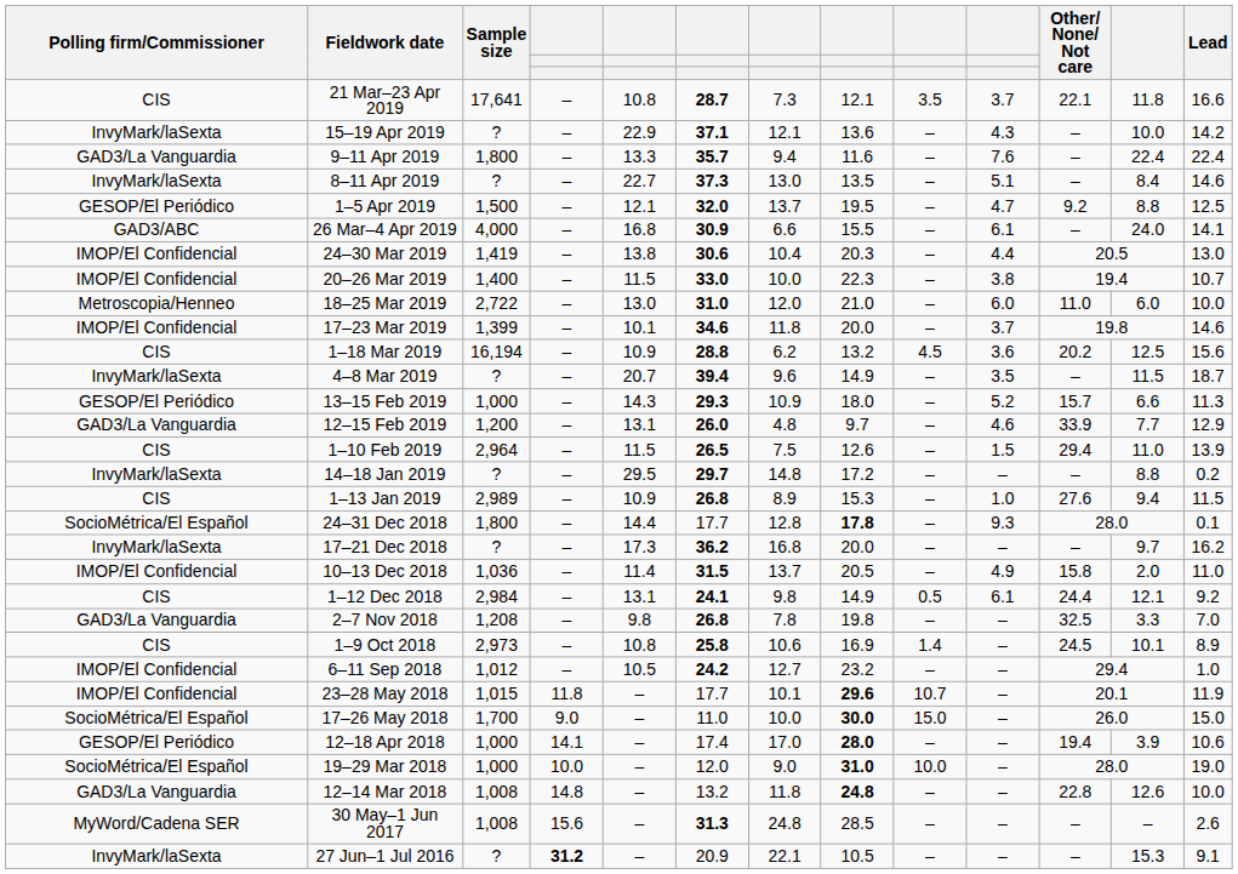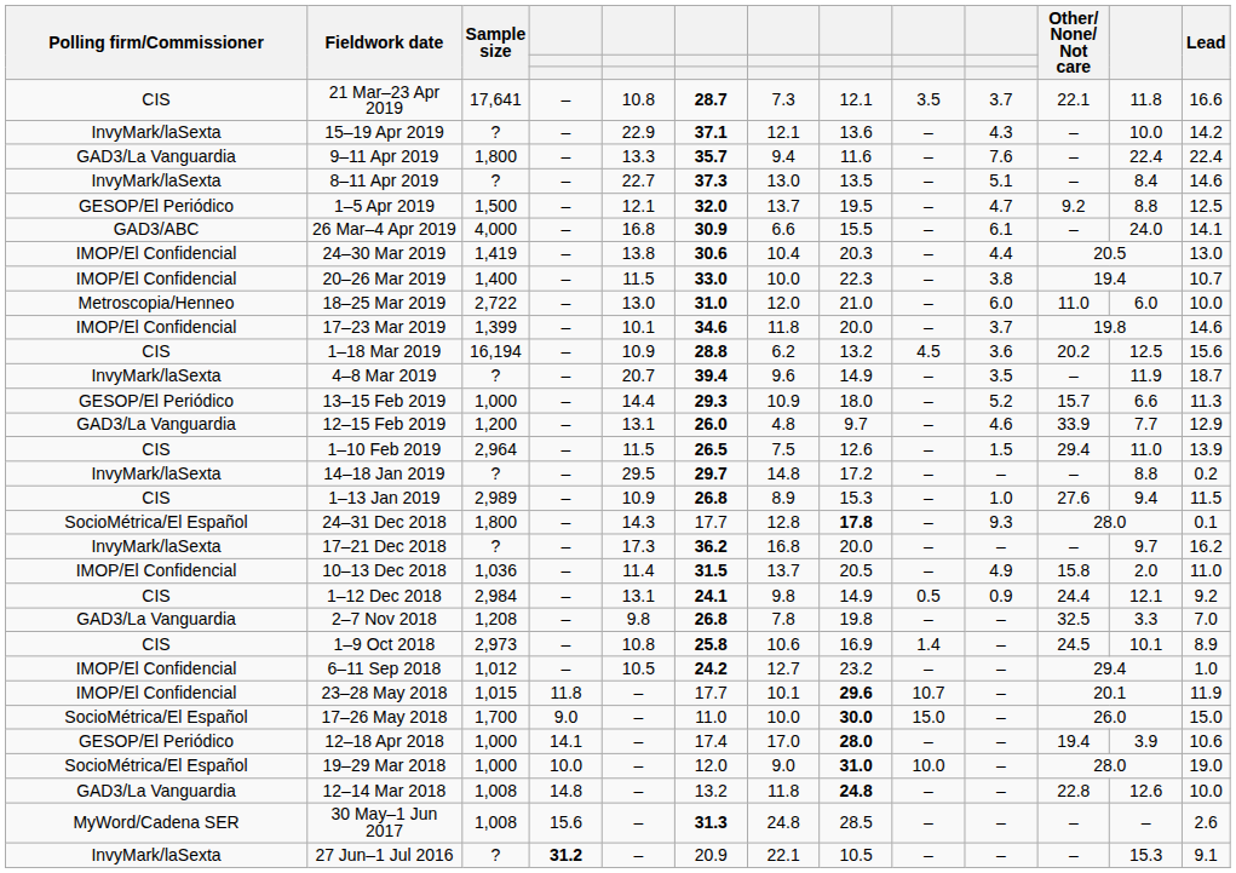 <table class="wikitable collapsible collapsed" style="text-align:center; font-size:90%; line-height:14px;">
 <tr style="height:42px;">
 <th style="width:250px;" rowspan="3">Polling firm/Commissioner</th>
 <th style="width:125px;" rowspan="3">Fieldwork date</th>
 <th style="width:50px;" rowspan="3">Sample size</th>
 <th style="width:55px;"></th>
 <th style="width:55px;"></th>
 <th style="width:55px;"></th>
 <th style="width:55px;"></th>
 <th style="width:55px;"></th>
 <th style="width:55px;"></th>
 <th style="width:55px;"></th>
 <th style="width:55px;" rowspan="3">Other/<br>None/<br>Not<br>care</th>
 <th style="width:55px;" rowspan="3"></th>
 <th style="width:30px;" rowspan="3">Lead</th>
 </tr>
 <tr>
 <th style="color:inherit;background:"></th>
 <th style="color:inherit;background:"></th>
 <th style="color:inherit;background:"></th>
 <th style="color:inherit;background:"></th>
 <th style="color:inherit;background:"></th>
 <th style="color:inherit;background:"></th>
 <th style="color:inherit;background:"></th>
 </tr>
 <tr>
 <th></th>
 <th></th>
 <th></th>
 <th></th>
 <th></th>
 <th></th>
 <th></th>
 </tr>
 <tr>
 <td>CIS</td>
 <td>21 Mar–23 Apr 2019</td>
 <td>17,641</td>
 <td>–</td>
 <td>10.8</td>
 <td><strong>28.7</strong></td>
 <td>7.3</td>
 <td>12.1</td>
 <td>3.5</td>
 <td>3.7</td>
 <td>22.1</td>
 <td>11.8</td>
 <td style="background:">16.6</td>
 </tr>
 <tr>
 <td>InvyMark/laSexta</td>
 <td>15–19 Apr 2019</td>
 <td>?</td>
 <td>–</td>
 <td>22.9</td>
 <td><strong>37.1</strong></td>
 <td>12.1</td>
 <td>13.6</td>
 <td>–</td>
 <td>4.3</td>
 <td>–</td>
 <td>10.0</td>
 <td style="background:">14.2</td>
 </tr>
 <tr>
 <td>GAD3/La Vanguardia</td>
 <td>9–11 Apr 2019</td>
 <td>1,800</td>
 <td>–</td>
 <td>13.3</td>
 <td><strong>35.7</strong></td>
 <td>9.4</td>
 <td>11.6</td>
 <td>–</td>
 <td>7.6</td>
 <td>–</td>
 <td>22.4</td>
 <td style="background:">22.4</td>
 </tr>
 <tr>
 <td>InvyMark/laSexta</td>
 <td>8–11 Apr 2019</td>
 <td>?</td>
 <td>–</td>
 <td>22.7</td>
 <td><strong>37.3</strong></td>
 <td>13.0</td>
 <td>13.5</td>
 <td>–</td>
 <td>5.1</td>
 <td>–</td>
 <td>8.4</td>
 <td style="background:">14.6</td>
 </tr>
 <tr>
 <td>GESOP/El Periódico</td>
 <td>1–5 Apr 2019</td>
 <td>1,500</td>
 <td>–</td>
 <td>12.1</td>
 <td><strong>32.0</strong></td>
 <td>13.7</td>
 <td>19.5</td>
 <td>–</td>
 <td>4.7</td>
 <td>9.2</td>
 <td>8.8</td>
 <td style="background:">12.5</td>
 </tr>
 <tr>
 <td>GAD3/ABC</td>
 <td>26 Mar–4 Apr 2019</td>
 <td>4,000</td>
 <td>–</td>
 <td>16.8</td>
 <td><strong>30.9</strong></td>
 <td>6.6</td>
 <td>15.5</td>
 <td>–</td>
 <td>6.1</td>
 <td>–</td>
 <td>24.0</td>
 <td style="background:">14.1</td>
 </tr>
 <tr>
 <td>IMOP/El Confidencial</td>
 <td>24–30 Mar 2019</td>
 <td>1,419</td>
 <td>–</td>
 <td>13.8</td>
 <td><strong>30.6</strong></td>
 <td>10.4</td>
 <td>20.3</td>
 <td>–</td>
 <td>4.4</td>
 <td colspan="2">20.5</td>
 <td style="background:">13.0</td>
 </tr>
 <tr>
 <td>IMOP/El Confidencial</td>
 <td>20–26 Mar 2019</td>
 <td>1,400</td>
 <td>–</td>
 <td>11.5</td>
 <td><strong>33.0</strong></td>
 <td>10.0</td>
 <td>22.3</td>
 <td>–</td>
 <td>3.8</td>
 <td colspan="2">19.4</td>
 <td style="background:">10.7</td>
 </tr>
 <tr>
 <td>Metroscopia/Henneo</td>
 <td>18–25 Mar 2019</td>
 <td>2,722</td>
 <td>–</td>
 <td>13.0</td>
 <td><strong>31.0</strong></td>
 <td>12.0</td>
 <td>21.0</td>
 <td>–</td>
 <td>6.0</td>
 <td>11.0</td>
 <td>6.0</td>
 <td style="background:">10.0</td>
 </tr>
 <tr>
 <td>IMOP/El Confidencial</td>
 <td>17–23 Mar 2019</td>
 <td>1,399</td>
 <td>–</td>
 <td>10.1</td>
 <td><strong>34.6</strong></td>
 <td>11.8</td>
 <td>20.0</td>
 <td>–</td>
 <td>3.7</td>
 <td colspan="2">19.8</td>
 <td style="background:">14.6</td>
 </tr>
 <tr>
 <td>CIS</td>
 <td>1–18 Mar 2019</td>
 <td>16,194</td>
 <td>–</td>
 <td>10.9</td>
 <td><strong>28.8</strong></td>
 <td>6.2</td>
 <td>13.2</td>
 <td>4.5</td>
 <td>3.6</td>
 <td>20.2</td>
 <td>12.5</td>
 <td style="background:">15.6</td>
 </tr>
 <tr>
 <td>InvyMark/laSexta</td>
 <td>4–8 Mar 2019</td>
 <td>?</td>
 <td>–</td>
 <td>20.7</td>
 <td><strong>39.4</strong></td>
 <td>9.6</td>
 <td>14.9</td>
 <td>–</td>
 <td>3.5</td>
 <td>–</td>
-<td>11.5</td>
+<td>11.9</td>
 <td style="background:">18.7</td>
 </tr>
 <tr>
 <td>GESOP/El Periódico</td>
 <td>13–15 Feb 2019</td>
 <td>1,000</td>
 <td>–</td>
-<td>14.3</td>
+<td>14.4</td>
 <td><strong>29.3</strong></td>
 <td>10.9</td>
 <td>18.0</td>
 <td>–</td>
 <td>5.2</td>
 <td>15.7</td>
 <td>6.6</td>
 <td style="background:">11.3</td>
 </tr>
 <tr>
 <td>GAD3/La Vanguardia</td>
 <td>12–15 Feb 2019</td>
 <td>1,200</td>
 <td>–</td>
 <td>13.1</td>
 <td><strong>26.0</strong></td>
 <td>4.8</td>
 <td>9.7</td>
 <td>–</td>
 <td>4.6</td>
 <td>33.9</td>
 <td>7.7</td>
 <td style="background:">12.9</td>
 </tr>
 <tr>
 <td>CIS</td>
 <td>1–10 Feb 2019</td>
 <td>2,964</td>
 <td>–</td>
 <td>11.5</td>
 <td><strong>26.5</strong></td>
 <td>7.5</td>
 <td>12.6</td>
 <td>–</td>
 <td>1.5</td>
 <td>29.4</td>
 <td>11.0</td>
 <td style="background:">13.9</td>
 </tr>
 <tr>
 <td>InvyMark/laSexta</td>
 <td>14–18 Jan 2019</td>
 <td>?</td>
 <td>–</td>
 <td>29.5</td>
 <td><strong>29.7</strong></td>
 <td>14.8</td>
 <td>17.2</td>
 <td>–</td>
 <td>–</td>
 <td>–</td>
 <td>8.8</td>
 <td style="background:">0.2</td>
 </tr>
 <tr>
 <td>CIS</td>
 <td>1–13 Jan 2019</td>
 <td>2,989</td>
 <td>–</td>
 <td>10.9</td>
 <td><strong>26.8</strong></td>
 <td>8.9</td>
 <td>15.3</td>
 <td>–</td>
 <td>1.0</td>
 <td>27.6</td>
 <td>9.4</td>
 <td style="background:">11.5</td>
 </tr>
 <tr>
 <td>SocioMétrica/El Español</td>
 <td>24–31 Dec 2018</td>
 <td>1,800</td>
 <td>–</td>
-<td>14.4</td>
+<td>14.3</td>
 <td>17.7</td>
 <td>12.8</td>
 <td><strong>17.8</strong></td>
 <td>–</td>
 <td>9.3</td>
 <td colspan="2">28.0</td>
 <td style="background:">0.1</td>
 </tr>
 <tr>
 <td>InvyMark/laSexta</td>
 <td>17–21 Dec 2018</td>
 <td>?</td>
 <td>–</td>
 <td>17.3</td>
 <td><strong>36.2</strong></td>
 <td>16.8</td>
 <td>20.0</td>
 <td>–</td>
 <td>–</td>
 <td>–</td>
 <td>9.7</td>
 <td style="background:">16.2</td>
 </tr>
 <tr>
 <td>IMOP/El Confidencial</td>
 <td>10–13 Dec 2018</td>
 <td>1,036</td>
 <td>–</td>
 <td>11.4</td>
 <td><strong>31.5</strong></td>
 <td>13.7</td>
 <td>20.5</td>
 <td>–</td>
 <td>4.9</td>
 <td>15.8</td>
 <td>2.0</td>
 <td style="background:">11.0</td>
 </tr>
 <tr>
 <td>CIS</td>
 <td>1–12 Dec 2018</td>
 <td>2,984</td>
 <td>–</td>
 <td>13.1</td>
 <td><strong>24.1</strong></td>
 <td>9.8</td>
 <td>14.9</td>
 <td>0.5</td>
-<td>6.1</td>
+<td>0.9</td>
 <td>24.4</td>
 <td>12.1</td>
 <td style="background:">9.2</td>
 </tr>
 <tr>
 <td>GAD3/La Vanguardia</td>
 <td>2–7 Nov 2018</td>
 <td>1,208</td>
 <td>–</td>
 <td>9.8</td>
 <td><strong>26.8</strong></td>
 <td>7.8</td>
 <td>19.8</td>
 <td>–</td>
 <td>–</td>
 <td>32.5</td>
 <td>3.3</td>
 <td style="background:">7.0</td>
 </tr>
 <tr>
 <td>CIS</td>
 <td>1–9 Oct 2018</td>
 <td>2,973</td>
 <td>–</td>
 <td>10.8</td>
 <td><strong>25.8</strong></td>
 <td>10.6</td>
 <td>16.9</td>
 <td>1.4</td>
 <td>–</td>
 <td>24.5</td>
 <td>10.1</td>
 <td style="background:">8.9</td>
 </tr>
 <tr>
 <td>IMOP/El Confidencial</td>
 <td>6–11 Sep 2018</td>
 <td>1,012</td>
 <td>–</td>
 <td>10.5</td>
 <td><strong>24.2</strong></td>
 <td>12.7</td>
 <td>23.2</td>
 <td>–</td>
 <td>–</td>
 <td colspan="2">29.4</td>
 <td style="background:">1.0</td>
 </tr>
 <tr>
 <td>IMOP/El Confidencial</td>
 <td>23–28 May 2018</td>
 <td>1,015</td>
 <td>11.8</td>
 <td>–</td>
 <td>17.7</td>
 <td>10.1</td>
 <td><strong>29.6</strong></td>
 <td>10.7</td>
 <td>–</td>
 <td colspan="2">20.1</td>
 <td style="background:">11.9</td>
 </tr>
 <tr>
 <td>SocioMétrica/El Español</td>
 <td>17–26 May 2018</td>
 <td>1,700</td>
 <td>9.0</td>
 <td>–</td>
 <td>11.0</td>
 <td>10.0</td>
 <td><strong>30.0</strong></td>
 <td>15.0</td>
 <td>–</td>
 <td colspan="2">26.0</td>
 <td style="background:">15.0</td>
 </tr>
 <tr>
 <td>GESOP/El Periódico</td>
 <td>12–18 Apr 2018</td>
 <td>1,000</td>
 <td>14.1</td>
 <td>–</td>
 <td>17.4</td>
 <td>17.0</td>
 <td><strong>28.0</strong></td>
 <td>–</td>
 <td>–</td>
 <td>19.4</td>
 <td>3.9</td>
 <td style="background:">10.6</td>
 </tr>
 <tr>
 <td>SocioMétrica/El Español</td>
 <td>19–29 Mar 2018</td>
 <td>1,000</td>
 <td>10.0</td>
 <td>–</td>
 <td>12.0</td>
 <td>9.0</td>
 <td><strong>31.0</strong></td>
 <td>10.0</td>
 <td>–</td>
 <td colspan="2">28.0</td>
 <td style="background:">19.0</td>
 </tr>
 <tr>
 <td>GAD3/La Vanguardia</td>
 <td>12–14 Mar 2018</td>
 <td>1,008</td>
 <td>14.8</td>
 <td>–</td>
 <td>13.2</td>
 <td>11.8</td>
 <td><strong>24.8</strong></td>
 <td>–</td>
 <td>–</td>
 <td>22.8</td>
 <td>12.6</td>
 <td style="background:">10.0</td>
 </tr>
 <tr>
 <td>MyWord/Cadena SER</td>
 <td>30 May–1 Jun 2017</td>
 <td>1,008</td>
 <td>15.6</td>
 <td>–</td>
 <td><strong>31.3</strong></td>
 <td>24.8</td>
 <td>28.5</td>
 <td>–</td>
 <td>–</td>
 <td>–</td>
 <td>–</td>
 <td style="background:">2.6</td>
 </tr>
 <tr>
 <td>InvyMark/laSexta</td>
 <td>27 Jun–1 Jul 2016</td>
 <td>?</td>
 <td><strong>31.2</strong></td>
 <td>–</td>
 <td>20.9</td>
 <td>22.1</td>
 <td>10.5</td>
 <td>–</td>
 <td>–</td>
 <td>–</td>
 <td>15.3</td>
 <td style="background:">9.1</td>
 </tr>
 </table>
